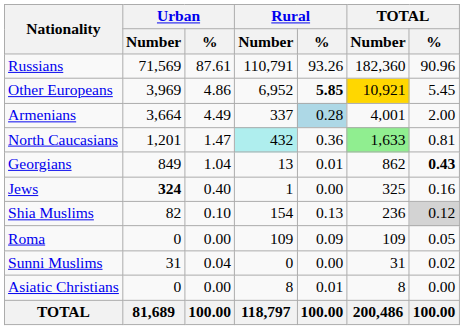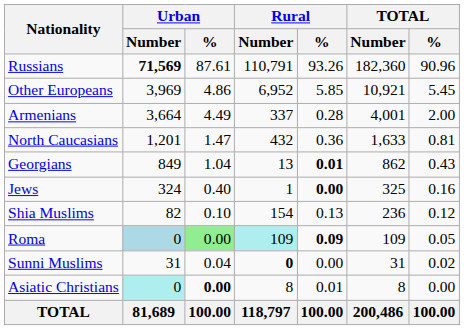 <table class="wikitable sortable">
 <tr>
 <th rowspan="2">Nationality</th>
 <th colspan="2"><a href='#'>Urban</a></th>
 <th colspan="2"><a href='#'>Rural</a></th>
 <th colspan="2">TOTAL</th>
 </tr>
 <tr>
 <th>Number</th>
 <th>%</th>
 <th>Number</th>
 <th>%</th>
 <th>Number</th>
 <th>%</th>
 </tr>
 <tr>
 <td><a href='#'>Russians</a></td>
-<td align="right">71,569</td>
+<td align="right"><strong>71,569</strong></td>
 <td align="right">87.61</td>
 <td align="right">110,791</td>
 <td align="right">93.26</td>
 <td align="right">182,360</td>
 <td align="right">90.96</td>
 </tr>
 <tr>
 <td><a href='#'>Other Europeans</a></td>
 <td align="right">3,969</td>
 <td align="right">4.86</td>
 <td align="right">6,952</td>
-<td align="right"><strong>5.85</strong></td>
-<td align="right" style="background: gold;">10,921</td>
+<td align="right">5.85</td>
+<td align="right">10,921</td>
 <td align="right">5.45</td>
 </tr>
 <tr>
 <td><a href='#'>Armenians</a></td>
 <td align="right">3,664</td>
 <td align="right">4.49</td>
 <td align="right">337</td>
-<td align="right" style="background: lightblue;">0.28</td>
+<td align="right">0.28</td>
 <td align="right">4,001</td>
 <td align="right">2.00</td>
 </tr>
 <tr>
 <td><a href='#'>North Caucasians</a></td>
 <td align="right">1,201</td>
 <td align="right">1.47</td>
-<td align="right" style="background: paleturquoise;">432</td>
+<td align="right">432</td>
 <td align="right">0.36</td>
-<td align="right" style="background: lightgreen;">1,633</td>
+<td align="right">1,633</td>
 <td align="right">0.81</td>
 </tr>
 <tr>
 <td><a href='#'>Georgians</a></td>
 <td align="right">849</td>
 <td align="right">1.04</td>
 <td align="right">13</td>
-<td align="right">0.01</td>
+<td align="right"><strong>0.01</strong></td>
 <td align="right">862</td>
-<td align="right"><strong>0.43</strong></td>
+<td align="right">0.43</td>
 </tr>
 <tr>
 <td><a href='#'>Jews</a></td>
-<td align="right"><strong>324</strong></td>
+<td align="right">324</td>
 <td align="right">0.40</td>
 <td align="right">1</td>
-<td align="right">0.00</td>
+<td align="right"><strong>0.00</strong></td>
 <td align="right">325</td>
 <td align="right">0.16</td>
 </tr>
 <tr>
 <td><a href='#'>Shia Muslims</a></td>
 <td align="right">82</td>
 <td align="right">0.10</td>
 <td align="right">154</td>
 <td align="right">0.13</td>
 <td align="right">236</td>
-<td align="right" style="background: lightgrey;">0.12</td>
+<td align="right">0.12</td>
 </tr>
 <tr>
 <td><a href='#'>Roma</a></td>
-<td align="right">0</td>
-<td align="right">0.00</td>
-<td align="right">109</td>
-<td align="right">0.09</td>
+<td align="right" style="background: lightblue;">0</td>
+<td align="right" style="background: lightgreen;">0.00</td>
+<td align="right" style="background: paleturquoise;">109</td>
+<td align="right"><strong>0.09</strong></td>
 <td align="right">109</td>
 <td align="right">0.05</td>
 </tr>
 <tr>
 <td><a href='#'>Sunni Muslims</a></td>
 <td align="right">31</td>
 <td align="right">0.04</td>
-<td align="right">0</td>
+<td align="right"><strong>0</strong></td>
 <td align="right">0.00</td>
 <td align="right">31</td>
 <td align="right">0.02</td>
 </tr>
 <tr>
 <td><a href='#'>Asiatic Christians</a></td>
-<td align="right">0</td>
-<td align="right">0.00</td>
+<td align="right" style="background: paleturquoise;">0</td>
+<td align="right"><strong>0.00</strong></td>
 <td align="right">8</td>
 <td align="right">0.01</td>
 <td align="right">8</td>
 <td align="right">0.00</td>
 </tr>
 <tr>
 <th>TOTAL</th>
 <th>81,689</th>
 <th>100.00</th>
 <th>118,797</th>
 <th>100.00</th>
 <th>200,486</th>
 <th>100.00</th>
 </tr>
 </table>
